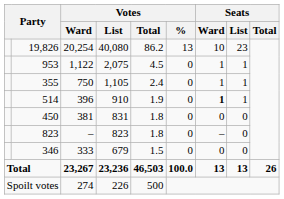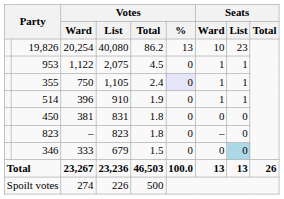 <table class=wikitable style="text-align:right">
 <tr>
 <th rowspan="2" colspan="2">Party</th>
 <th colspan="4" align="center">Votes</th>
 <th colspan="3" align="center">Seats</th>
 </tr>
 <tr>
 <th>Ward</th>
 <th>List</th>
 <th>Total</th>
 <th>%</th>
 <th>Ward</th>
 <th>List</th>
 <th>Total</th>
 </tr>
 <tr>
 <td></td>
 <td>19,826</td>
 <td>20,254</td>
 <td>40,080</td>
 <td>86.2</td>
 <td>13</td>
 <td>10</td>
 <td>23</td>
 </tr>
 <tr>
 <td></td>
 <td>953</td>
 <td>1,122</td>
 <td>2,075</td>
 <td>4.5</td>
 <td>0</td>
 <td>1</td>
 <td>1</td>
 </tr>
 <tr>
 <td></td>
 <td>355</td>
 <td>750</td>
 <td>1,105</td>
 <td>2.4</td>
-<td>0</td>
+<td style="background: lavender;">0</td>
 <td>1</td>
 <td>1</td>
 </tr>
 <tr>
 <td></td>
 <td>514</td>
 <td>396</td>
 <td>910</td>
 <td>1.9</td>
 <td>0</td>
-<td><strong>1</strong></td>
+<td>1</td>
 <td>1</td>
 </tr>
 <tr>
 <td></td>
 <td>450</td>
 <td>381</td>
 <td>831</td>
 <td>1.8</td>
 <td>0</td>
 <td>0</td>
 <td>0</td>
 </tr>
 <tr>
 <td></td>
 <td>823</td>
 <td>–</td>
 <td>823</td>
 <td>1.8</td>
 <td>0</td>
 <td>–</td>
 <td>0</td>
 </tr>
 <tr>
 <td></td>
 <td>346</td>
 <td>333</td>
 <td>679</td>
 <td>1.5</td>
 <td>0</td>
 <td>0</td>
-<td>0</td>
+<td style="background: lightblue;">0</td>
 </tr>
 <tr>
 <td colspan="2" style="text-align:left"><strong>Total</strong></td>
 <td><strong>23,267</strong></td>
 <td><strong>23,236</strong></td>
 <td><strong>46,503</strong></td>
 <td><strong>100.0</strong></td>
 <td><strong>13</strong></td>
 <td><strong>13</strong></td>
 <td><strong>26</strong></td>
 </tr>
 <tr>
 <td colspan="2" style="text-align:left">Spoilt votes</td>
 <td>274</td>
 <td>226</td>
 <td>500</td>
 </tr>
 </table>
